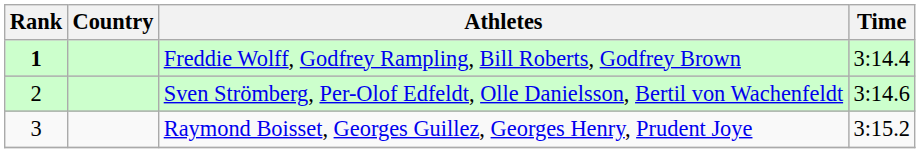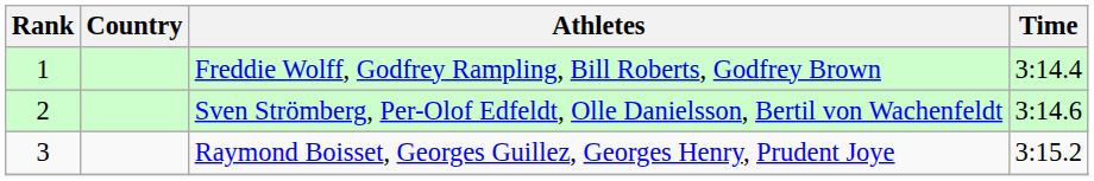 <table class="wikitable sortable" style="text-align:center">
 <tr>
 <th>Rank</th>
 <th>Country</th>
 <th>Athletes</th>
 <th>Time</th>
 </tr>
 <tr bgcolor=ccffcc>
-<td><strong>1</strong></td>
+<td>1</td>
 <td align=left></td>
 <td align=left><a href='#'>Freddie Wolff</a>, <a href='#'>Godfrey Rampling</a>, <a href='#'>Bill Roberts</a>, <a href='#'>Godfrey Brown</a></td>
 <td>3:14.4</td>
 </tr>
 <tr bgcolor=ccffcc>
 <td>2</td>
 <td align=left></td>
 <td align=left><a href='#'>Sven Strömberg</a>, <a href='#'>Per-Olof Edfeldt</a>, <a href='#'>Olle Danielsson</a>, <a href='#'>Bertil von Wachenfeldt</a></td>
 <td>3:14.6</td>
 </tr>
 <tr>
 <td>3</td>
 <td align=left></td>
 <td align=left><a href='#'>Raymond Boisset</a>, <a href='#'>Georges Guillez</a>, <a href='#'>Georges Henry</a>, <a href='#'>Prudent Joye</a></td>
 <td>3:15.2</td>
 </tr>
 <tr>
 </tr>
 </table>
